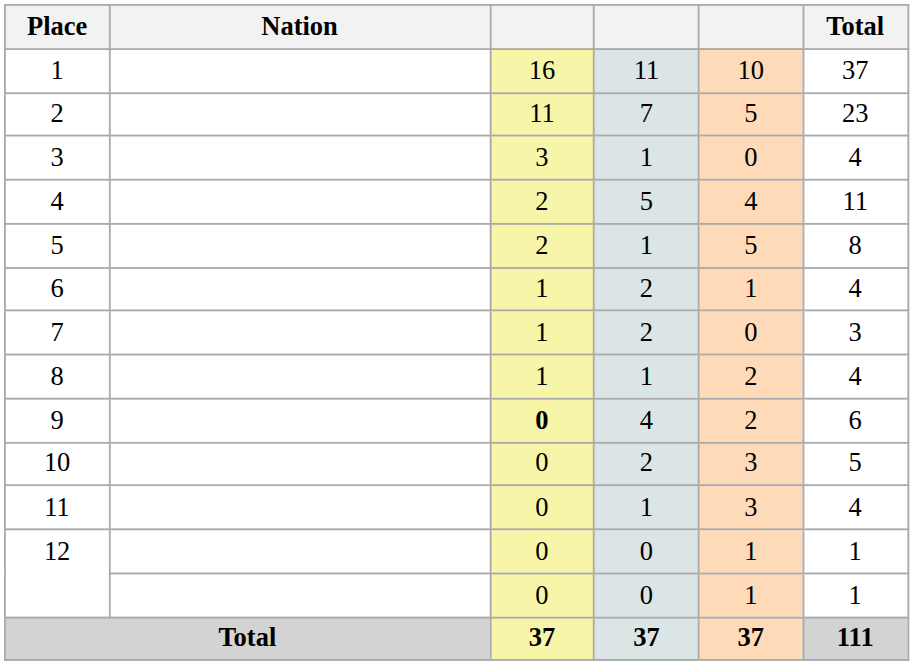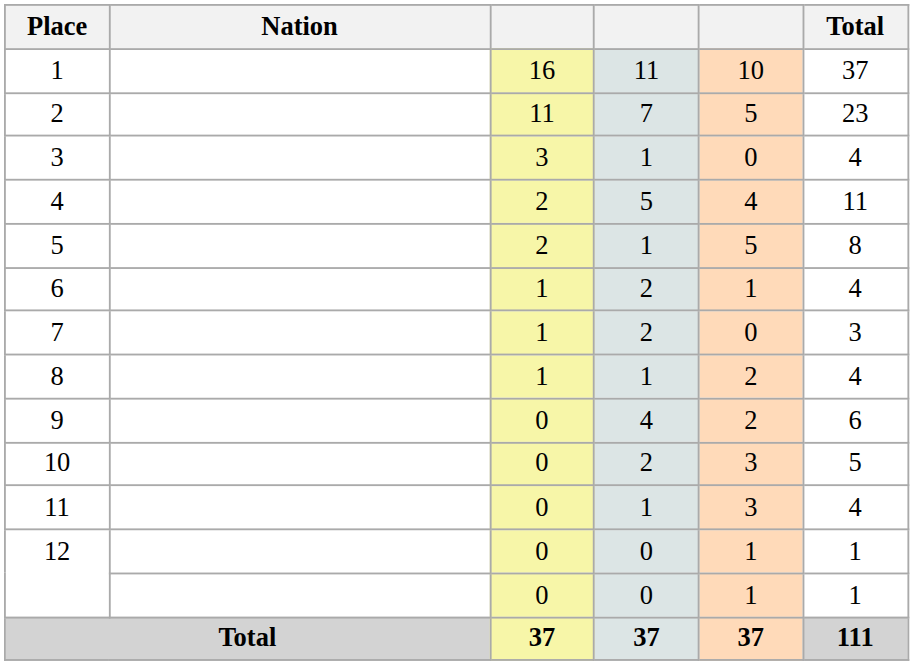 <table class=wikitable style="border:1px solid #AAAAAA;font-size:90%">
 <tr bgcolor="#EFEFEF">
 <th width=50>Place</th>
 <th width=200>Nation</th>
 <th width=50></th>
 <th width=50></th>
 <th width=50></th>
 <th width=50>Total</th>
 </tr>
 <tr align="center" valign="top" bgcolor="#FFFFFF">
 <td>1</td>
 <td align="left"></td>
 <td style="background:#F7F6A8;">16</td>
 <td style="background:#DCE5E5;">11</td>
 <td style="background:#FFDAB9;">10</td>
 <td>37</td>
 </tr>
 <tr align="center" valign="top" bgcolor="#FFFFFF">
 <td>2</td>
 <td align="left"></td>
 <td style="background:#F7F6A8;">11</td>
 <td style="background:#DCE5E5;">7</td>
 <td style="background:#FFDAB9;">5</td>
 <td>23</td>
 </tr>
 <tr align="center" valign="top" bgcolor="#FFFFFF">
 <td>3</td>
 <td align="left"></td>
 <td style="background:#F7F6A8;">3</td>
 <td style="background:#DCE5E5;">1</td>
 <td style="background:#FFDAB9;">0</td>
 <td>4</td>
 </tr>
 <tr align="center" valign="top" bgcolor="#FFFFFF">
 <td>4</td>
 <td align="left"></td>
 <td style="background:#F7F6A8;">2</td>
 <td style="background:#DCE5E5;">5</td>
 <td style="background:#FFDAB9;">4</td>
 <td>11</td>
 </tr>
 <tr align="center" valign="top" bgcolor="#FFFFFF">
 <td>5</td>
 <td align="left"></td>
 <td style="background:#F7F6A8;">2</td>
 <td style="background:#DCE5E5;">1</td>
 <td style="background:#FFDAB9;">5</td>
 <td>8</td>
 </tr>
 <tr align="center" valign="top" bgcolor="#FFFFFF">
 <td>6</td>
 <td align="left"></td>
 <td style="background:#F7F6A8;">1</td>
 <td style="background:#DCE5E5;">2</td>
 <td style="background:#FFDAB9;">1</td>
 <td>4</td>
 </tr>
 <tr align="center" valign="top" bgcolor="#FFFFFF">
 <td>7</td>
 <td align="left"></td>
 <td style="background:#F7F6A8;">1</td>
 <td style="background:#DCE5E5;">2</td>
 <td style="background:#FFDAB9;">0</td>
 <td>3</td>
 </tr>
 <tr align="center" valign="top" bgcolor="#FFFFFF">
 <td>8</td>
 <td align="left"></td>
 <td style="background:#F7F6A8;">1</td>
 <td style="background:#DCE5E5;">1</td>
 <td style="background:#FFDAB9;">2</td>
 <td>4</td>
 </tr>
 <tr align="center" valign="top" bgcolor="#FFFFFF">
 <td>9</td>
 <td align="left"></td>
-<td style="background:#F7F6A8;"><strong>0</strong></td>
+<td style="background:#F7F6A8;">0</td>
 <td style="background:#DCE5E5;">4</td>
 <td style="background:#FFDAB9;">2</td>
 <td>6</td>
 </tr>
 <tr align="center" valign="top" bgcolor="#FFFFFF">
 <td>10</td>
 <td align="left"></td>
 <td style="background:#F7F6A8;">0</td>
 <td style="background:#DCE5E5;">2</td>
 <td style="background:#FFDAB9;">3</td>
 <td>5</td>
 </tr>
 <tr align="center" valign="top" bgcolor="#FFFFFF">
 <td>11</td>
 <td align="left"></td>
 <td style="background:#F7F6A8;">0</td>
 <td style="background:#DCE5E5;">1</td>
 <td style="background:#FFDAB9;">3</td>
 <td>4</td>
 </tr>
 <tr align="center" valign="top" bgcolor="#FFFFFF">
 <td rowspan="2" valign="center">12</td>
 <td align="left"></td>
 <td style="background:#F7F6A8;">0</td>
 <td style="background:#DCE5E5;">0</td>
 <td style="background:#FFDAB9;">1</td>
 <td>1</td>
 </tr>
 <tr align="center" valign="top" bgcolor="#FFFFFF">
 <td align="left"></td>
 <td style="background:#F7F6A8;">0</td>
 <td style="background:#DCE5E5;">0</td>
 <td style="background:#FFDAB9;">1</td>
 <td>1</td>
 </tr>
 <tr align="center">
 <td colspan="2" bgcolor=D3D3D3><strong>Total</strong></td>
 <td style="background:#F7F6A8;"><strong>37</strong></td>
 <td style="background:#DCE5E5;"><strong>37</strong></td>
 <td style="background:#FFDAB9;"><strong>37</strong></td>
 <td bgcolor=D3D3D3><strong>111</strong></td>
 </tr>
 </table>
